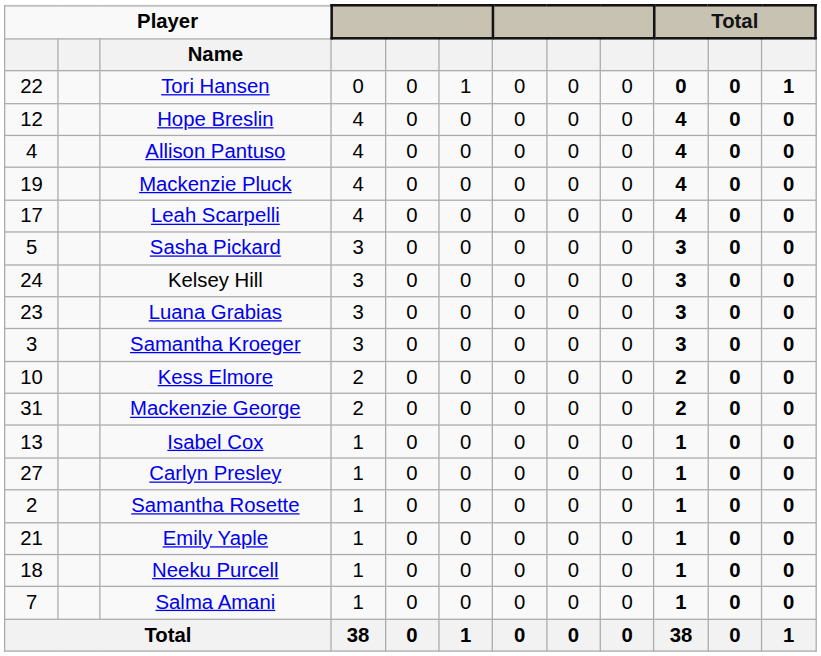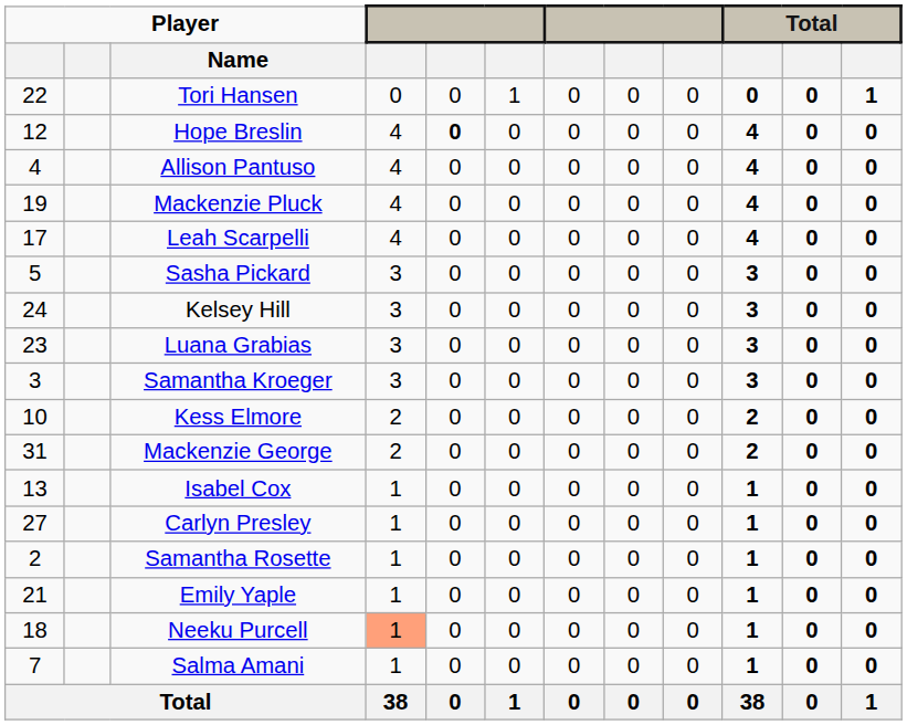 <table class="wikitable sortable" style="text-align:center;">
 <tr>
 <td colspan="3"><strong>Player</strong></td>
 <th colspan="3" style="background:#c8c2b3; color:#131314; border:2px solid #131314; width:75px;" scope="colgroup"></th>
 <th colspan="3" style="background:#c8c2b3; color:#131314; border:2px solid #131314; width:75px;" scope="colgroup"></th>
 <th colspan="3" style="background:#c8c2b3; color:#131314; border:2px solid #131314; width:75px;" scope="colgroup">Total</th>
 </tr>
 <tr>
 <th style="width:35px;" scope="col"></th>
 <th style="width:25px;" scope="col"></th>
 <th style="width:175px;" scope="col">Name</th>
 <th style="width:35px;" scope="col"></th>
 <th style="width:35px;" scope="col"></th>
 <th style="width:35px;" scope="col"></th>
 <th style="width:35px;" scope="col"></th>
 <th style="width:35px;" scope="col"></th>
 <th style="width:35px;" scope="col"></th>
 <th style="width:35px;" scope="col"></th>
 <th style="width:35px;" scope="col"></th>
 <th style="width:35px;" scope="col"></th>
 </tr>
 <tr>
 <td>22</td>
 <td></td>
 <td><a href='#'>Tori Hansen</a></td>
 <td>0</td>
 <td>0</td>
 <td>1</td>
 <td>0</td>
 <td>0</td>
 <td>0</td>
 <td><strong>0</strong></td>
 <td><strong>0</strong></td>
 <td><strong>1</strong></td>
 </tr>
 <tr>
 <td>12</td>
 <td></td>
 <td><a href='#'>Hope Breslin</a></td>
 <td>4</td>
-<td>0</td>
+<td><strong>0</strong></td>
 <td>0</td>
 <td>0</td>
 <td>0</td>
 <td>0</td>
 <td><strong>4</strong></td>
 <td><strong>0</strong></td>
 <td><strong>0</strong></td>
 </tr>
 <tr>
 <td>4</td>
 <td></td>
 <td><a href='#'>Allison Pantuso</a></td>
 <td>4</td>
 <td>0</td>
 <td>0</td>
 <td>0</td>
 <td>0</td>
 <td>0</td>
 <td><strong>4</strong></td>
 <td><strong>0</strong></td>
 <td><strong>0</strong></td>
 </tr>
 <tr>
 <td>19</td>
 <td></td>
 <td><a href='#'>Mackenzie Pluck</a></td>
 <td>4</td>
 <td>0</td>
 <td>0</td>
 <td>0</td>
 <td>0</td>
 <td>0</td>
 <td><strong>4</strong></td>
 <td><strong>0</strong></td>
 <td><strong>0</strong></td>
 </tr>
 <tr>
 <td>17</td>
 <td></td>
 <td><a href='#'>Leah Scarpelli</a></td>
 <td>4</td>
 <td>0</td>
 <td>0</td>
 <td>0</td>
 <td>0</td>
 <td>0</td>
 <td><strong>4</strong></td>
 <td><strong>0</strong></td>
 <td><strong>0</strong></td>
 </tr>
 <tr>
 <td>5</td>
 <td></td>
 <td><a href='#'>Sasha Pickard</a></td>
 <td>3</td>
 <td>0</td>
 <td>0</td>
 <td>0</td>
 <td>0</td>
 <td>0</td>
 <td><strong>3</strong></td>
 <td><strong>0</strong></td>
 <td><strong>0</strong></td>
 </tr>
 <tr>
 <td>24</td>
 <td></td>
 <td>Kelsey Hill</td>
 <td>3</td>
 <td>0</td>
 <td>0</td>
 <td>0</td>
 <td>0</td>
 <td>0</td>
 <td><strong>3</strong></td>
 <td><strong>0</strong></td>
 <td><strong>0</strong></td>
 </tr>
 <tr>
 <td>23</td>
 <td></td>
 <td><a href='#'>Luana Grabias</a></td>
 <td>3</td>
 <td>0</td>
 <td>0</td>
 <td>0</td>
 <td>0</td>
 <td>0</td>
 <td><strong>3</strong></td>
 <td><strong>0</strong></td>
 <td><strong>0</strong></td>
 </tr>
 <tr>
 <td>3</td>
 <td></td>
 <td><a href='#'>Samantha Kroeger</a></td>
 <td>3</td>
 <td>0</td>
 <td>0</td>
 <td>0</td>
 <td>0</td>
 <td>0</td>
 <td><strong>3</strong></td>
 <td><strong>0</strong></td>
 <td><strong>0</strong></td>
 </tr>
 <tr>
 <td>10</td>
 <td></td>
 <td><a href='#'>Kess Elmore</a></td>
 <td>2</td>
 <td>0</td>
 <td>0</td>
 <td>0</td>
 <td>0</td>
 <td>0</td>
 <td><strong>2</strong></td>
 <td><strong>0</strong></td>
 <td><strong>0</strong></td>
 </tr>
 <tr>
 <td>31</td>
 <td></td>
 <td><a href='#'>Mackenzie George</a></td>
 <td>2</td>
 <td>0</td>
 <td>0</td>
 <td>0</td>
 <td>0</td>
 <td>0</td>
 <td><strong>2</strong></td>
 <td><strong>0</strong></td>
 <td><strong>0</strong></td>
 </tr>
 <tr>
 <td>13</td>
 <td></td>
 <td><a href='#'>Isabel Cox</a></td>
 <td>1</td>
 <td>0</td>
 <td>0</td>
 <td>0</td>
 <td>0</td>
 <td>0</td>
 <td><strong>1</strong></td>
 <td><strong>0</strong></td>
 <td><strong>0</strong></td>
 </tr>
 <tr>
 <td>27</td>
 <td></td>
 <td><a href='#'>Carlyn Presley</a></td>
 <td>1</td>
 <td>0</td>
 <td>0</td>
 <td>0</td>
 <td>0</td>
 <td>0</td>
 <td><strong>1</strong></td>
 <td><strong>0</strong></td>
 <td><strong>0</strong></td>
 </tr>
 <tr>
 <td>2</td>
 <td></td>
 <td><a href='#'>Samantha Rosette</a></td>
 <td>1</td>
 <td>0</td>
 <td>0</td>
 <td>0</td>
 <td>0</td>
 <td>0</td>
 <td><strong>1</strong></td>
 <td><strong>0</strong></td>
 <td><strong>0</strong></td>
 </tr>
 <tr>
 <td>21</td>
 <td></td>
 <td><a href='#'>Emily Yaple</a></td>
 <td>1</td>
 <td>0</td>
 <td>0</td>
 <td>0</td>
 <td>0</td>
 <td>0</td>
 <td><strong>1</strong></td>
 <td><strong>0</strong></td>
 <td><strong>0</strong></td>
 </tr>
 <tr>
 <td>18</td>
 <td></td>
 <td><a href='#'>Neeku Purcell</a></td>
-<td>1</td>
+<td style="background: lightsalmon;">1</td>
 <td>0</td>
 <td>0</td>
 <td>0</td>
 <td>0</td>
 <td>0</td>
 <td><strong>1</strong></td>
 <td><strong>0</strong></td>
 <td><strong>0</strong></td>
 </tr>
 <tr>
 <td>7</td>
 <td></td>
 <td><a href='#'>Salma Amani</a></td>
 <td>1</td>
 <td>0</td>
 <td>0</td>
 <td>0</td>
 <td>0</td>
 <td>0</td>
 <td><strong>1</strong></td>
 <td><strong>0</strong></td>
 <td><strong>0</strong></td>
 </tr>
 <tr>
 <th colspan="3">Total</th>
 <th>38</th>
 <th>0</th>
 <th>1</th>
 <th>0</th>
 <th>0</th>
 <th>0</th>
 <th>38</th>
 <th>0</th>
 <th>1</th>
 </tr>
 </table>
